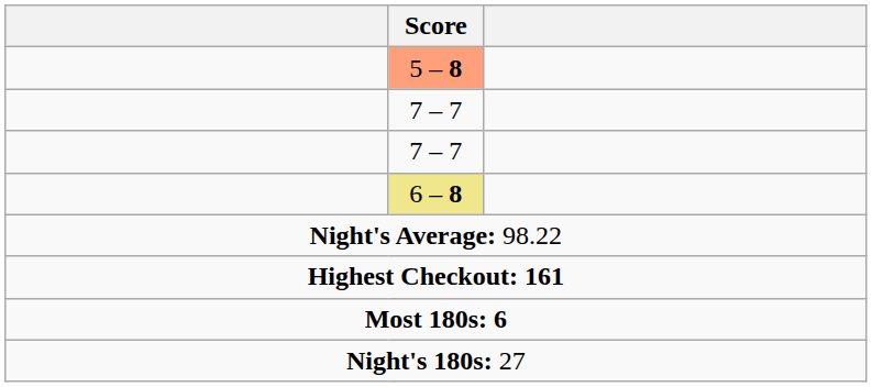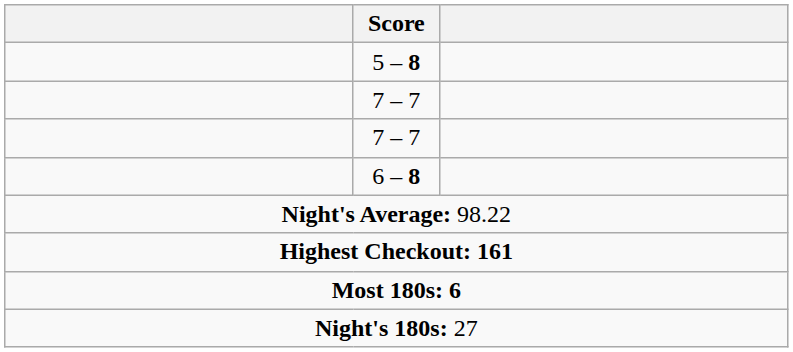 <table class=wikitable style="text-align:center">
 <tr>
 <th width=225></th>
 <th width=50>Score</th>
 <th width=225></th>
 </tr>
 <tr align=left>
 <td align=right></td>
-<td align=center style="background: lightsalmon;">5 – <strong>8</strong></td>
+<td align=center>5 – <strong>8</strong></td>
 <td></td>
 </tr>
 <tr align=left>
 <td align=right></td>
 <td align=center>7 – 7</td>
 <td></td>
 </tr>
 <tr align=left>
 <td align=right></td>
 <td align=center>7 – 7</td>
 <td></td>
 </tr>
 <tr align=left>
 <td align=right></td>
-<td align=center style="background: khaki;">6 – <strong>8</strong></td>
+<td align=center>6 – <strong>8</strong></td>
 <td></td>
 </tr>
 <tr align=center>
 <td colspan="3"><strong>Night's Average:</strong> 98.22</td>
 </tr>
 <tr align=center>
 <td colspan="3"><strong>Highest Checkout:</strong>  <strong>161</strong></td>
 </tr>
 <tr align=center>
 <td colspan="3"><strong>Most 180s:</strong>  <strong>6</strong></td>
 </tr>
 <tr align=center>
 <td colspan="3"><strong>Night's 180s:</strong> 27</td>
 </tr>
 </table>
